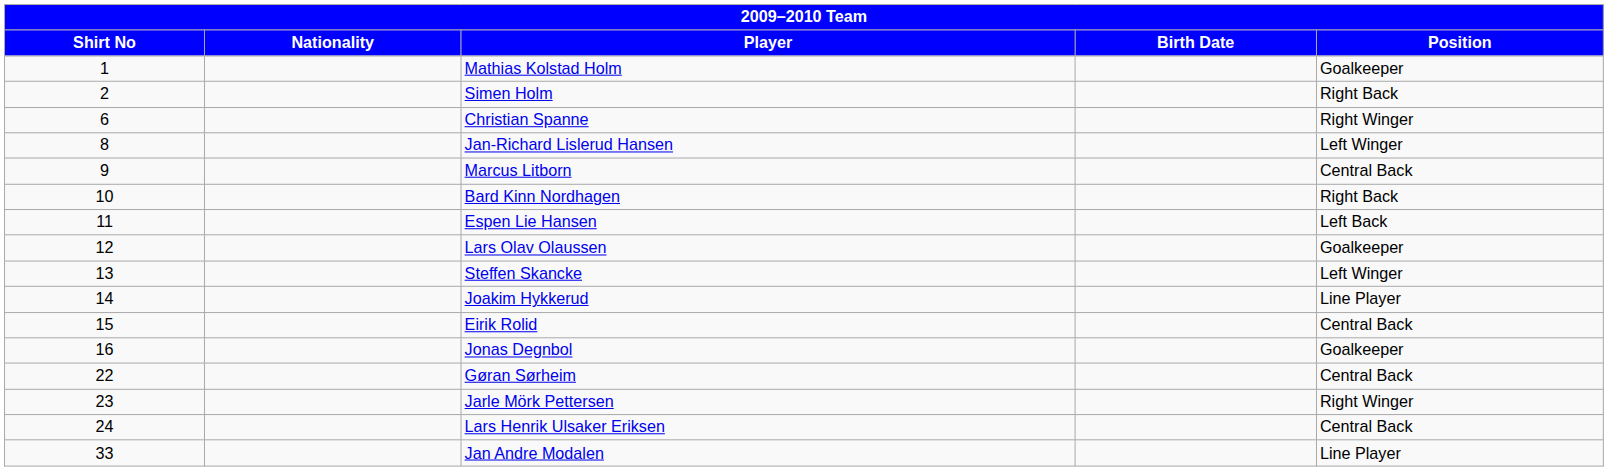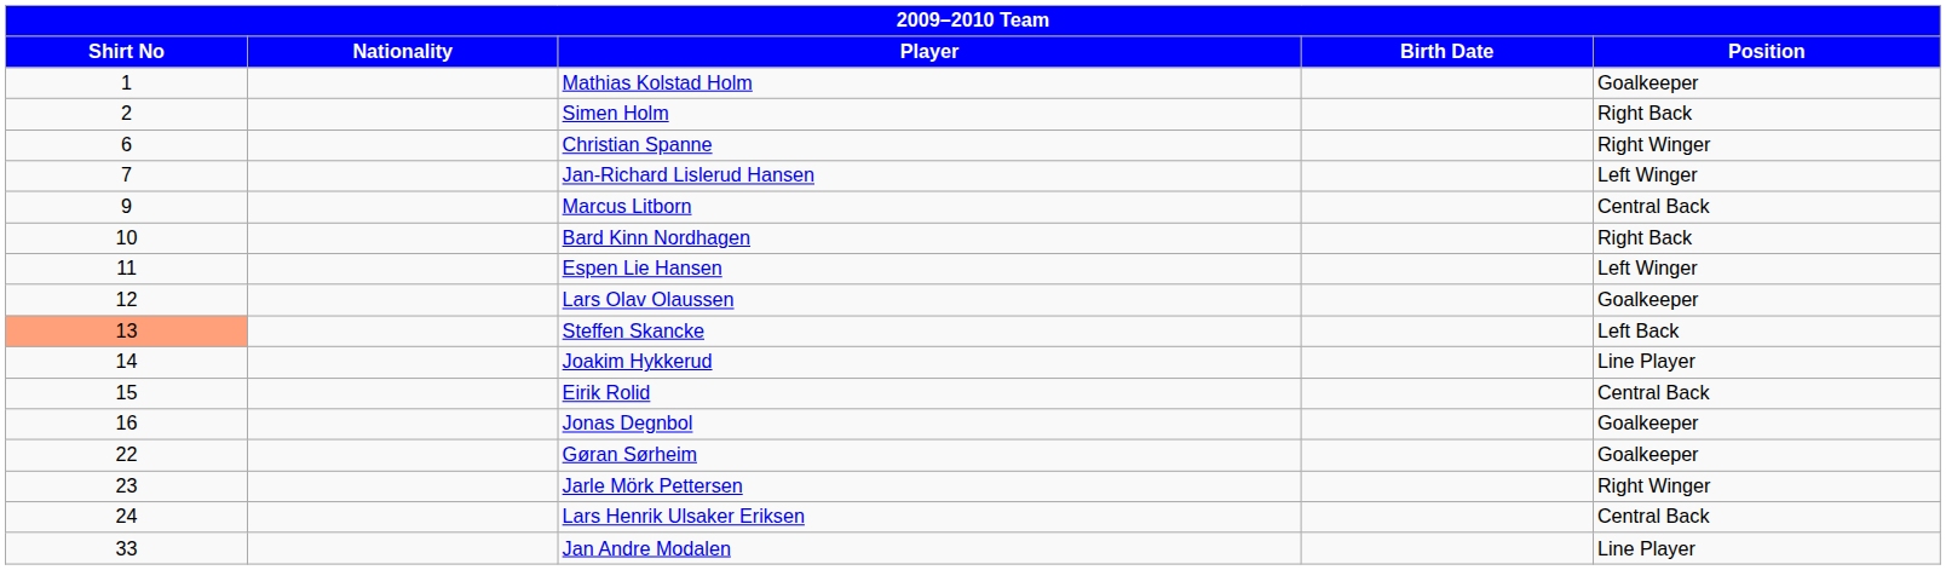 <table class="wikitable collapsible collapsed" style="width:100%">
 <tr>
 <th colspan=5 style="background-color:#0000FF;color:#FFFFFF;text-align:center;"> <strong>2009–2010 Team</strong></th>
 </tr>
 <tr>
 <th style="color:#FFFFFF; background:#0000FF">Shirt No</th>
 <th style="color:#FFFFFF; background:#0000FF">Nationality</th>
 <th style="color:#FFFFFF; background:#0000FF">Player</th>
 <th style="color:#FFFFFF; background:#0000FF">Birth Date</th>
 <th style="color:#FFFFFF; background:#0000FF">Position</th>
 </tr>
 <tr>
 <td align=center>1</td>
 <td></td>
 <td><a href='#'>Mathias Kolstad Holm</a></td>
 <td></td>
 <td>Goalkeeper</td>
 </tr>
 <tr>
 <td align=center>2</td>
 <td></td>
 <td><a href='#'>Simen Holm</a></td>
 <td></td>
 <td>Right Back</td>
 </tr>
 <tr>
 <td align=center>6</td>
 <td></td>
 <td><a href='#'>Christian Spanne</a></td>
 <td></td>
 <td>Right Winger</td>
 </tr>
 <tr>
-<td align=center>8</td>
+<td align=center>7</td>
 <td></td>
 <td><a href='#'>Jan-Richard Lislerud Hansen</a></td>
 <td></td>
 <td>Left Winger</td>
 </tr>
 <tr>
 <td align=center>9</td>
 <td></td>
 <td><a href='#'>Marcus Litborn</a></td>
 <td></td>
 <td>Central Back</td>
 </tr>
 <tr>
 <td align=center>10</td>
 <td></td>
 <td><a href='#'>Bard Kinn Nordhagen</a></td>
 <td></td>
 <td>Right Back</td>
 </tr>
 <tr>
 <td align=center>11</td>
 <td></td>
 <td><a href='#'>Espen Lie Hansen</a></td>
 <td></td>
-<td>Left Back</td>
+<td>Left Winger</td>
 </tr>
 <tr>
 <td align=center>12</td>
 <td></td>
 <td><a href='#'>Lars Olav Olaussen</a></td>
 <td></td>
 <td>Goalkeeper</td>
 </tr>
 <tr>
-<td align=center>13</td>
+<td align=center style="background: lightsalmon;">13</td>
 <td></td>
 <td><a href='#'>Steffen Skancke</a></td>
 <td></td>
-<td>Left Winger</td>
+<td>Left Back</td>
 </tr>
 <tr>
 <td align=center>14</td>
 <td></td>
 <td><a href='#'>Joakim Hykkerud</a></td>
 <td></td>
 <td>Line Player</td>
 </tr>
 <tr>
 <td align=center>15</td>
 <td></td>
 <td><a href='#'>Eirik Rolid</a></td>
 <td></td>
 <td>Central Back</td>
 </tr>
 <tr>
 <td align=center>16</td>
 <td></td>
 <td><a href='#'>Jonas Degnbol</a></td>
 <td></td>
 <td>Goalkeeper</td>
 </tr>
 <tr>
 <td align=center>22</td>
 <td></td>
 <td><a href='#'>Gøran Sørheim</a></td>
 <td></td>
-<td>Central Back</td>
+<td>Goalkeeper</td>
 </tr>
 <tr>
 <td align=center>23</td>
 <td></td>
 <td><a href='#'>Jarle Mörk Pettersen</a></td>
 <td></td>
 <td>Right Winger</td>
 </tr>
 <tr>
 <td align=center>24</td>
 <td></td>
 <td><a href='#'>Lars Henrik Ulsaker Eriksen</a></td>
 <td></td>
 <td>Central Back</td>
 </tr>
 <tr>
 <td align=center>33</td>
 <td></td>
 <td><a href='#'>Jan Andre Modalen</a></td>
 <td></td>
 <td>Line Player</td>
 </tr>
 </table>
